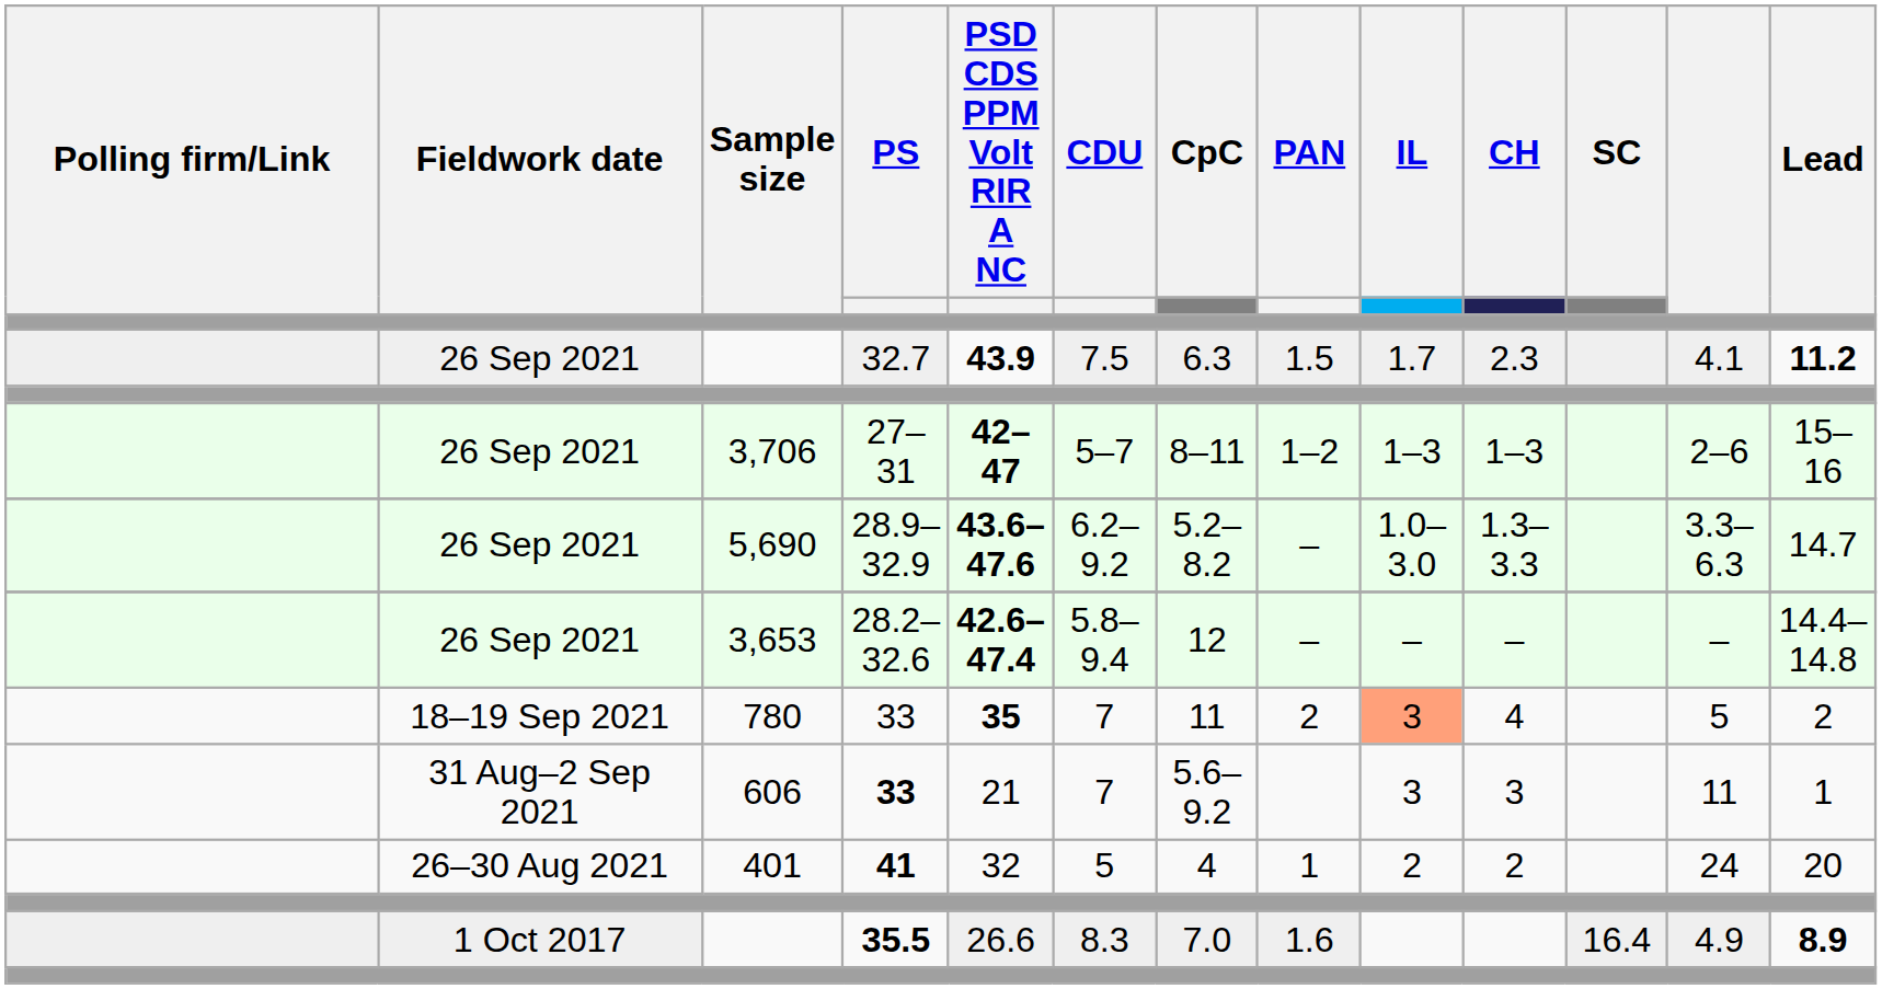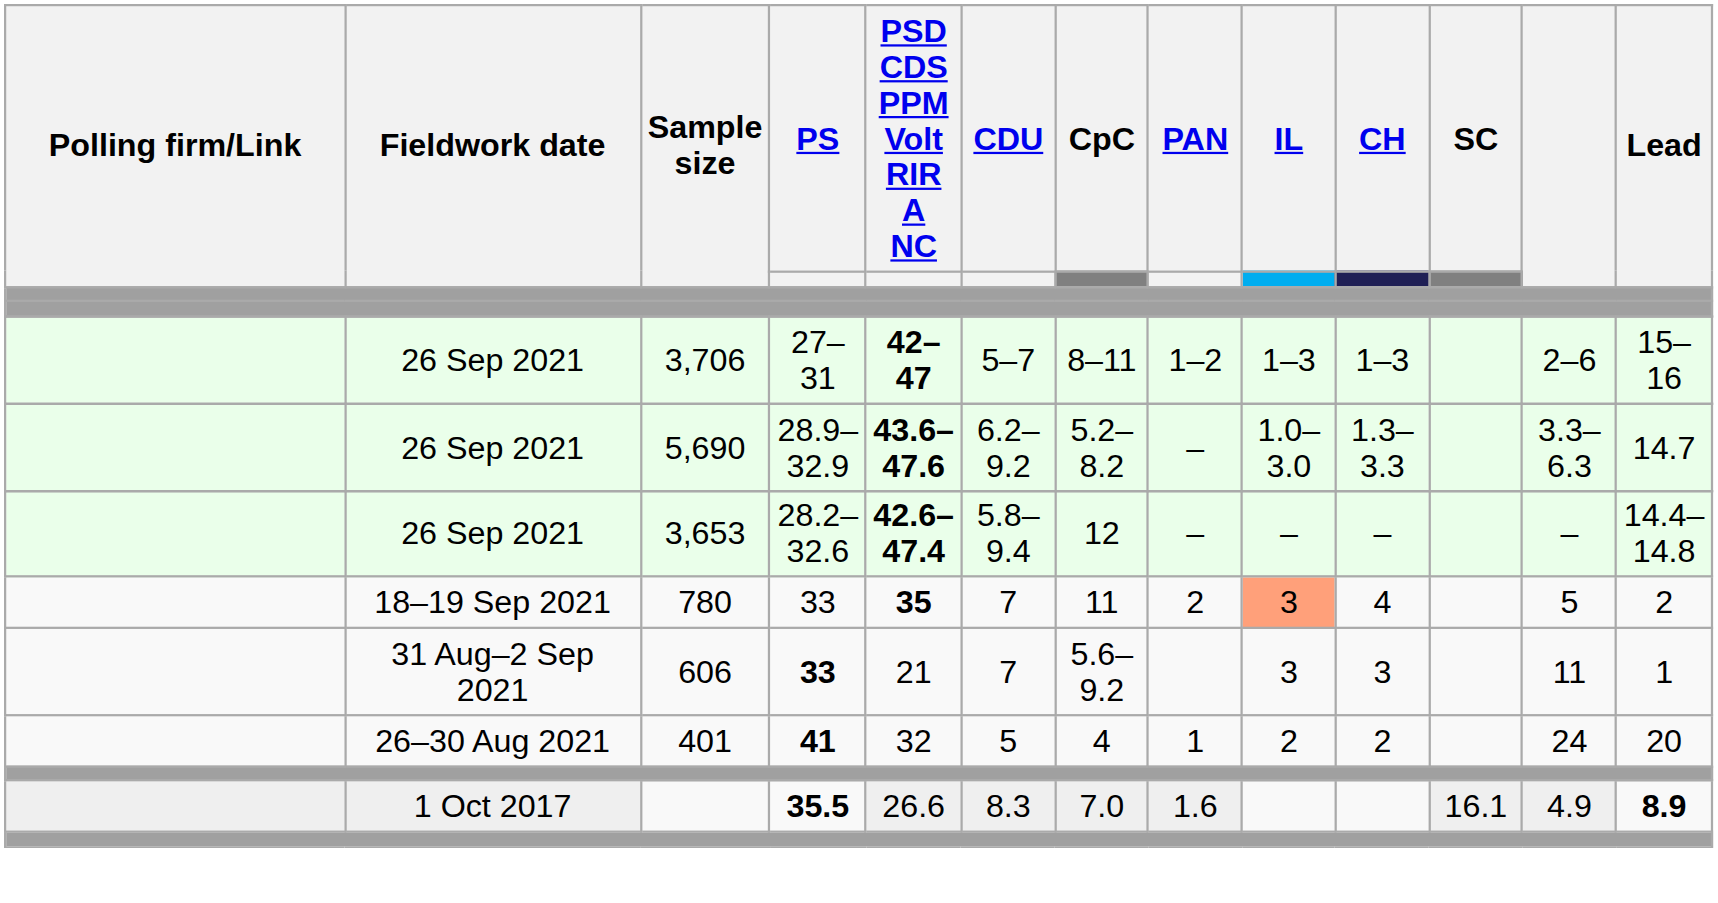 <table class="wikitable sortable mw-datatable" style="text-align:center;font-size:90%;line-height:16px;">
 <tr style="height:42px;">
 <th style="width:145px;" rowspan="2">Polling firm/Link</th>
 <th style="width:125px;" rowspan="2">Fieldwork date</th>
 <th class="unsortable" style="width:50px;" rowspan="2">Sample size</th>
 <th class="unsortable" style="width:35px;"><a href='#'>PS</a></th>
 <th class="unsortable" style="width:35px;"><a href='#'>PSD</a><br><a href='#'>CDS</a><br><a href='#'>PPM</a><br><a href='#'>Volt</a><br><a href='#'>RIR</a><br><a href='#'>A</a><br><a href='#'>NC</a></th>
 <th class="unsortable" style="width:35px;"><a href='#'>CDU</a></th>
 <th class="unsortable" style="width:35px;">CpC</th>
 <th class="unsortable" style="width:35px;"><a href='#'>PAN</a></th>
 <th class="unsortable" style="width:35px;"><a href='#'>IL</a></th>
 <th class="unsortable" style="width:35px;"><a href='#'>CH</a></th>
 <th class="unsortable" style="width:35px;">SC</th>
 <th class="unsortable" style="width:35px;" rowspan="2"></th>
 <th class="unsortable" style="width:30px;" rowspan="2">Lead</th>
 </tr>
 <tr>
 <th class="unsortable" style="color:inherit;background:"></th>
 <th class="unsortable" style="color:inherit;background:"></th>
 <th class="unsortable" style="color:inherit;background:"></th>
 <th class="unsortable" style="color:inherit;background:gray;"></th>
 <th class="sortable" style="background:"></th>
 <th class="sortable" style="background:#00ADEF;"></th>
 <th class="sortable" style="background:#202056;"></th>
 <th class="unsortable" style="color:inherit;background:gray;"></th>
 </tr>
 <tr>
 <td colspan="13" style="background:#A0A0A0"></td>
-</tr>
-<tr>
-<td style="background:#EFEFEF;"><strong></strong></td>
-<td style="background:#EFEFEF;" data-sort-value="2019-10-06">26 Sep 2021</td>
-<td></td>
-<td style="background:#EFEFEF;">32.7<br></td>
-<td><strong>43.9</strong><br></td>
-<td style="background:#EFEFEF;">7.5<br></td>
-<td style="background:#EFEFEF;">6.3<br></td>
-<td style="background:#EFEFEF;">1.5<br></td>
-<td style="background:#EFEFEF;">1.7<br></td>
-<td style="background:#EFEFEF;">2.3<br></td>
-<td style="background:#EFEFEF;"></td>
-<td style="background:#EFEFEF;">4.1<br></td>
-<td style="background:"><strong>11.2</strong></td>
 </tr>
 <tr>
 <td colspan="13" style="background:#A0A0A0"></td>
 </tr>
 <tr>
 </tr>
 <tr style="background:#EAFFEA"|>
 <td></td>
 <td data-sort-value="2019-10-06">26 Sep 2021</td>
 <td>3,706</td>
 <td>27–31<br></td>
 <td><strong>42–47</strong><br></td>
 <td>5–7<br></td>
 <td>8–11<br></td>
 <td>1–2<br></td>
 <td>1–3<br></td>
 <td>1–3<br></td>
 <td></td>
 <td>2–6<br></td>
 <td style="background:">15–<br>16</td>
 </tr>
 <tr>
 </tr>
 <tr style="background:#EAFFEA"|>
 <td></td>
 <td data-sort-value="2019-10-06">26 Sep 2021</td>
 <td>5,690</td>
 <td>28.9–<br>32.9<br></td>
 <td><strong>43.6–<br>47.6</strong><br></td>
 <td>6.2–<br>9.2<br></td>
 <td>5.2–<br>8.2<br></td>
 <td>–</td>
 <td>1.0–<br>3.0<br></td>
 <td>1.3–<br>3.3<br></td>
 <td></td>
 <td>3.3–<br>6.3<br></td>
 <td style="background:">14.7</td>
 </tr>
 <tr>
 </tr>
 <tr style="background:#EAFFEA"|>
 <td></td>
 <td data-sort-value="2019-10-06">26 Sep 2021</td>
 <td>3,653</td>
 <td>28.2–<br>32.6<br></td>
 <td><strong>42.6–<br>47.4</strong><br></td>
 <td>5.8–<br>9.4<br></td>
 <td align="center">12</td>
 <td>–</td>
 <td>–</td>
 <td>–</td>
 <td></td>
 <td>–</td>
 <td style="background:">14.4–<br>14.8</td>
 </tr>
 <tr>
 <td align="center"><br></td>
 <td align="center">18–19 Sep 2021</td>
 <td>780</td>
 <td align="center">33<br></td>
 <td align="center" ><strong>35</strong><br></td>
 <td align="center">7<br></td>
 <td align="center">11<br></td>
 <td align="center">2<br></td>
 <td align="center" style="background: lightsalmon;">3<br></td>
 <td align="center">4<br></td>
 <td align="center"></td>
 <td align="center">5<br></td>
 <td style="background:">2</td>
 </tr>
 <tr>
 <td align="center"></td>
 <td align="center">31 Aug–2 Sep 2021</td>
 <td>606</td>
 <td align="center" ><strong>33</strong></td>
 <td align="center">21</td>
 <td align="center">7</td>
 <td>5.6–<br>9.2<br></td>
 <td></td>
 <td align="center">3</td>
 <td align="center">3</td>
 <td align="center"></td>
 <td align="center">11</td>
 <td style="background:">1</td>
 </tr>
 <tr>
 <td align="center"></td>
 <td align="center">26–30 Aug 2021</td>
 <td>401</td>
 <td align="center" ><strong>41</strong></td>
 <td align="center">32</td>
 <td align="center">5</td>
 <td align="center">4</td>
 <td align="center">1</td>
 <td align="center">2</td>
 <td align="center">2</td>
 <td align="center"></td>
 <td align="center">24</td>
 <td style="background:">20</td>
 </tr>
 <tr>
 <td colspan="13" style="background:#A0A0A0"></td>
 </tr>
 <tr>
 <td style="background:#EFEFEF;"><strong></strong></td>
 <td style="background:#EFEFEF;" data-sort-value="2019-10-06">1 Oct 2017</td>
 <td></td>
 <td><strong>35.5</strong><br></td>
 <td style="background:#EFEFEF;">26.6<br></td>
 <td style="background:#EFEFEF;">8.3<br></td>
 <td style="background:#EFEFEF;">7.0<br></td>
 <td style="background:#EFEFEF;">1.6<br></td>
 <td></td>
 <td></td>
-<td style="background:#EFEFEF;">16.4<br></td>
+<td style="background:#EFEFEF;">16.1<br></td>
 <td style="background:#EFEFEF;">4.9<br></td>
 <td style="background:"><strong>8.9</strong></td>
 </tr>
 <tr>
 <td colspan="13" style="background:#A0A0A0"></td>
 </tr>
 </table>
